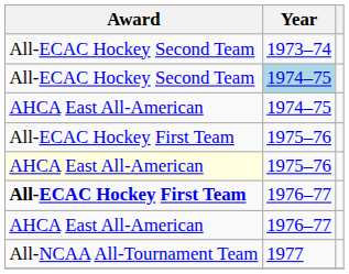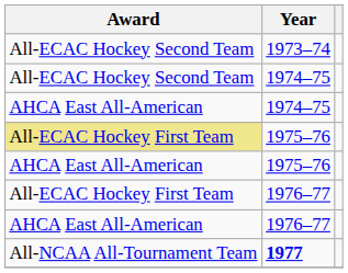 <table class="wikitable">
 <tr>
 <th>Award</th>
 <th>Year</th>
 <th></th>
 </tr>
 <tr>
 <td>All-<a href='#'>ECAC Hockey</a> <a href='#'>Second Team</a></td>
 <td><a href='#'>1973–74</a></td>
 <td></td>
 </tr>
 <tr>
 <td>All-<a href='#'>ECAC Hockey</a> <a href='#'>Second Team</a></td>
-<td style="background: lightblue;"><a href='#'>1974–75</a></td>
+<td><a href='#'>1974–75</a></td>
 <td></td>
 </tr>
 <tr>
 <td><a href='#'>AHCA</a> <a href='#'>East All-American</a></td>
 <td><a href='#'>1974–75</a></td>
 <td></td>
 </tr>
 <tr>
-<td>All-<a href='#'>ECAC Hockey</a> <a href='#'>First Team</a></td>
+<td style="background: khaki;">All-<a href='#'>ECAC Hockey</a> <a href='#'>First Team</a></td>
 <td><a href='#'>1975–76</a></td>
 <td></td>
 </tr>
 <tr>
-<td style="background: lightyellow;"><a href='#'>AHCA</a> <a href='#'>East All-American</a></td>
+<td><a href='#'>AHCA</a> <a href='#'>East All-American</a></td>
 <td><a href='#'>1975–76</a></td>
 <td></td>
 </tr>
 <tr>
-<td><strong>All-<a href='#'>ECAC Hockey</a> <a href='#'>First Team</a></strong></td>
+<td>All-<a href='#'>ECAC Hockey</a> <a href='#'>First Team</a></td>
 <td><a href='#'>1976–77</a></td>
 <td></td>
 </tr>
 <tr>
 <td><a href='#'>AHCA</a> <a href='#'>East All-American</a></td>
 <td><a href='#'>1976–77</a></td>
 <td></td>
 </tr>
 <tr>
 <td>All-<a href='#'>NCAA</a> <a href='#'>All-Tournament Team</a></td>
-<td><a href='#'>1977</a></td>
+<td><strong><a href='#'>1977</a></strong></td>
 <td></td>
 </tr>
 <tr>
 </tr>
 </table>
